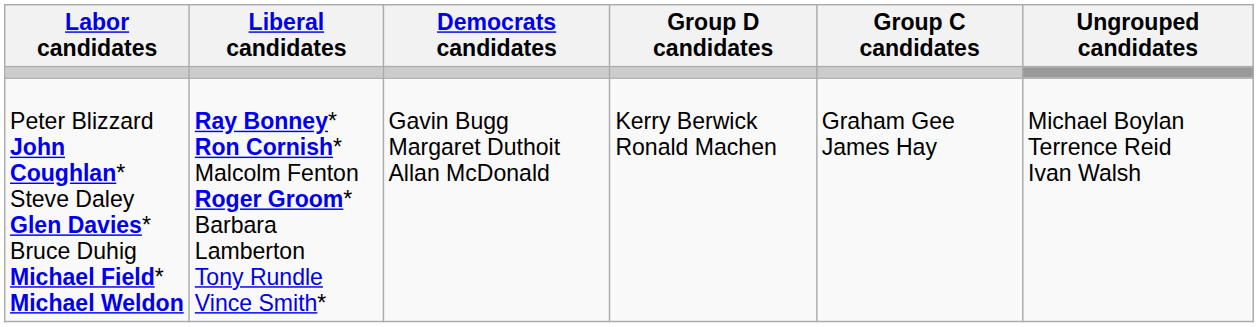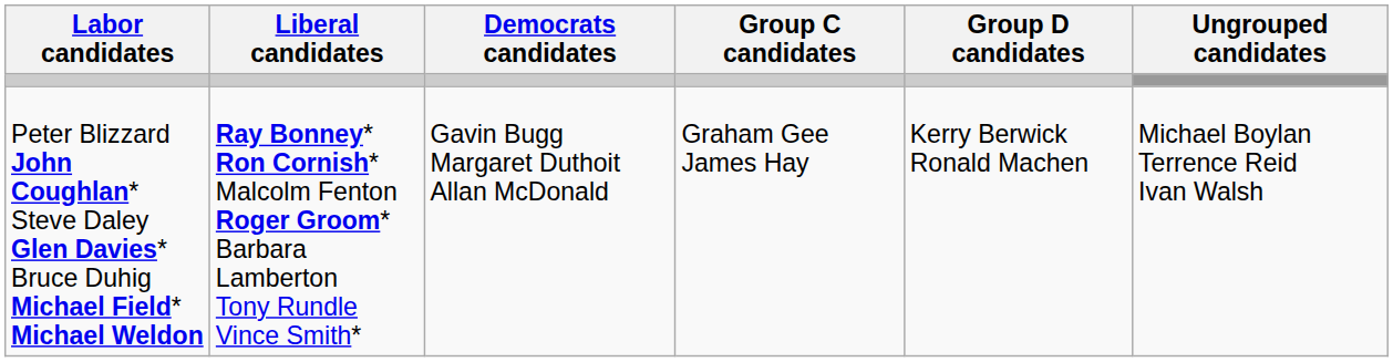 <table class="wikitable">
 <tr>
 <th><a href='#'>Labor</a> candidates</th>
 <th><a href='#'>Liberal</a> candidates</th>
 <th><a href='#'>Democrats</a> candidates</th>
+<th>Group C candidates</th>
 <th>Group D candidates</th>
-<th>Group C candidates</th>
 <th>Ungrouped candidates</th>
 </tr>
 <tr bgcolor="#cccccc">
 <td></td>
 <td></td>
 <td></td>
 <td></td>
 <td></td>
 <td bgcolor="#999999"></td>
 </tr>
 <tr>
 <td><br>Peter Blizzard<br> <strong><a href='#'>John Coughlan</a></strong>*<br> Steve Daley<br> <strong><a href='#'>Glen Davies</a></strong>*<br> Bruce Duhig<br> <strong><a href='#'>Michael Field</a></strong>*<br> <strong><a href='#'>Michael Weldon</a></strong></td>
 <td><br><strong><a href='#'>Ray Bonney</a></strong>*<br> <strong><a href='#'>Ron Cornish</a></strong>*<br> Malcolm Fenton<br> <strong><a href='#'>Roger Groom</a></strong>*<br> Barbara Lamberton<br> <a href='#'>Tony Rundle</a><br> <a href='#'>Vince Smith</a>*<br></td>
 <td valign=top><br>Gavin Bugg<br> Margaret Duthoit<br> Allan McDonald</td>
+<td valign=top><br>Graham Gee<br> James Hay</td>
 <td valign=top><br>Kerry Berwick<br> Ronald Machen</td>
-<td valign=top><br>Graham Gee<br> James Hay</td>
 <td valign=top><br>Michael Boylan<br> Terrence Reid<br> Ivan Walsh</td>
 </tr>
 </table>
